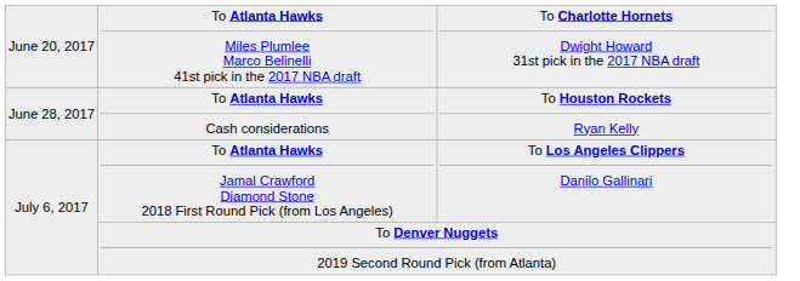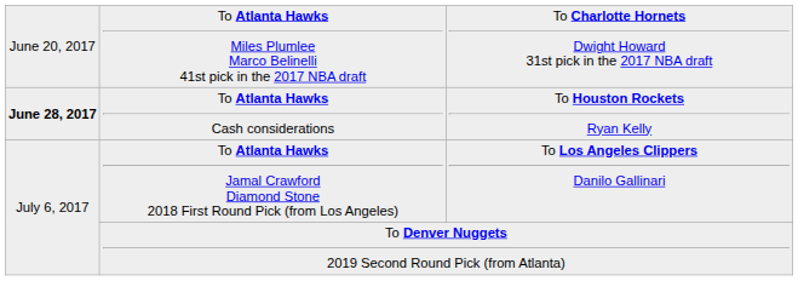 <table class="wikitable sortable sortable" style="text-align: center">
 <tr style="background:#eee;">
 <td style="width:12%">June 20, 2017<br></td>
 <td style="width:44%; vertical-align:top;">To <strong><a href='#'>Atlanta Hawks</a></strong><hr><a href='#'>Miles Plumlee</a><br><a href='#'>Marco Belinelli</a><br>41st pick in the <a href='#'>2017 NBA draft</a></td>
 <td style="width:44%; vertical-align:top;">To <strong><a href='#'>Charlotte Hornets</a></strong><hr><a href='#'>Dwight Howard</a><br>31st pick in the <a href='#'>2017 NBA draft</a></td>
 </tr>
 <tr style="background:#eee;">
-<td style="width:12%">June 28, 2017<br></td>
+<td style="width:12%"><strong>June 28, 2017<br></strong></td>
 <td style="width:44%; vertical-align:top;">To <strong><a href='#'>Atlanta Hawks</a></strong><hr>Cash considerations</td>
 <td style="width:44%; vertical-align:top;">To <strong><a href='#'>Houston Rockets</a></strong><hr><a href='#'>Ryan Kelly</a></td>
 </tr>
 <tr style="background:#eee;">
 <td rowspan="2" style="width:12%">July 6, 2017</td>
 <td style="width:44%; vertical-align:top;">To <strong><a href='#'>Atlanta Hawks</a></strong><hr><a href='#'>Jamal Crawford</a><br><a href='#'>Diamond Stone</a><br>2018 First Round Pick (from Los Angeles)</td>
 <td style="width:44%; vertical-align:top;">To <strong><a href='#'>Los Angeles Clippers</a></strong><hr><a href='#'>Danilo Gallinari</a></td>
 </tr>
 <tr style="background:#eee;">
 <td colspan="3"  style="width:44%; vertical-align:top;">To <strong><a href='#'>Denver Nuggets</a></strong><hr>2019 Second Round Pick (from Atlanta)</td>
 </tr>
 </table>
